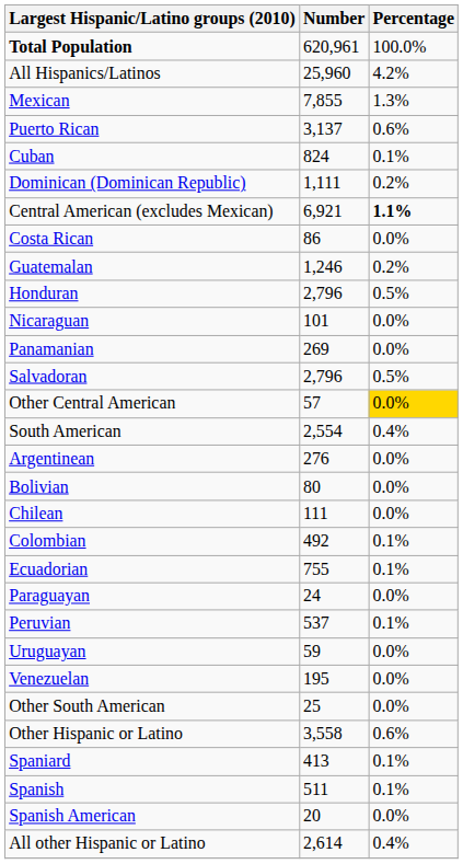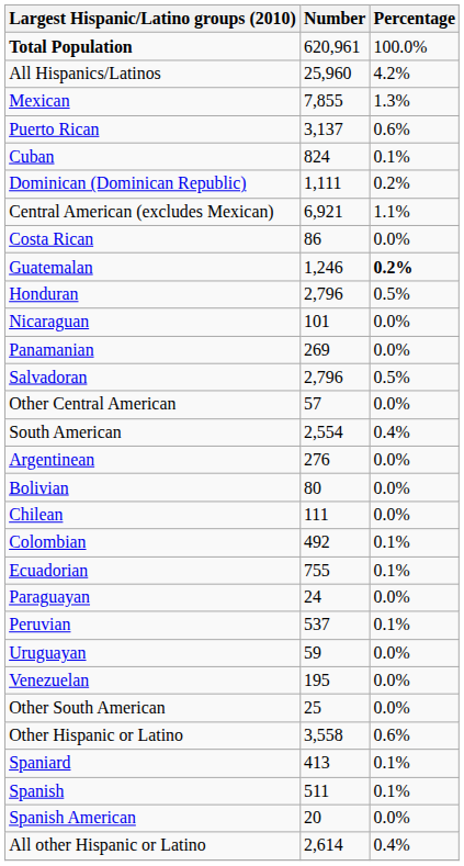 <table class="wikitable sortable">
 <tr>
 <th>Largest Hispanic/Latino groups (2010)</th>
 <th>Number</th>
 <th>Percentage</th>
 </tr>
 <tr>
 <td><strong>Total Population</strong></td>
 <td>620,961</td>
 <td>100.0%</td>
 </tr>
 <tr>
 <td>All Hispanics/Latinos</td>
 <td>25,960</td>
 <td>4.2%</td>
 </tr>
 <tr>
 <td> <a href='#'>Mexican</a></td>
 <td>7,855</td>
 <td>1.3%</td>
 </tr>
 <tr>
 <td> <a href='#'>Puerto Rican</a></td>
 <td>3,137</td>
 <td>0.6%</td>
 </tr>
 <tr>
 <td> <a href='#'>Cuban</a></td>
 <td>824</td>
 <td>0.1%</td>
 </tr>
 <tr>
 <td> <a href='#'>Dominican (Dominican Republic)</a></td>
 <td>1,111</td>
 <td>0.2%</td>
 </tr>
 <tr>
 <td>Central American (excludes Mexican)</td>
 <td>6,921</td>
-<td><strong>1.1%</strong></td>
+<td>1.1%</td>
 </tr>
 <tr>
 <td> <a href='#'>Costa Rican</a></td>
 <td>86</td>
 <td>0.0%</td>
 </tr>
 <tr>
 <td> <a href='#'>Guatemalan</a></td>
 <td>1,246</td>
-<td>0.2%</td>
+<td><strong>0.2%</strong></td>
 </tr>
 <tr>
 <td> <a href='#'>Honduran</a></td>
 <td>2,796</td>
 <td>0.5%</td>
 </tr>
 <tr>
 <td> <a href='#'>Nicaraguan</a></td>
 <td>101</td>
 <td>0.0%</td>
 </tr>
 <tr>
 <td> <a href='#'>Panamanian</a></td>
 <td>269</td>
 <td>0.0%</td>
 </tr>
 <tr>
 <td> <a href='#'>Salvadoran</a></td>
 <td>2,796</td>
 <td>0.5%</td>
 </tr>
 <tr>
 <td>Other Central American</td>
 <td>57</td>
-<td style="background: gold;">0.0%</td>
+<td>0.0%</td>
 </tr>
 <tr>
 <td>South American</td>
 <td>2,554</td>
 <td>0.4%</td>
 </tr>
 <tr>
 <td> <a href='#'>Argentinean</a></td>
 <td>276</td>
 <td>0.0%</td>
 </tr>
 <tr>
 <td> <a href='#'>Bolivian</a></td>
 <td>80</td>
 <td>0.0%</td>
 </tr>
 <tr>
 <td> <a href='#'>Chilean</a></td>
 <td>111</td>
 <td>0.0%</td>
 </tr>
 <tr>
 <td> <a href='#'>Colombian</a></td>
 <td>492</td>
 <td>0.1%</td>
 </tr>
 <tr>
 <td> <a href='#'>Ecuadorian</a></td>
 <td>755</td>
 <td>0.1%</td>
 </tr>
 <tr>
 <td> <a href='#'>Paraguayan</a></td>
 <td>24</td>
 <td>0.0%</td>
 </tr>
 <tr>
 <td> <a href='#'>Peruvian</a></td>
 <td>537</td>
 <td>0.1%</td>
 </tr>
 <tr>
 <td> <a href='#'>Uruguayan</a></td>
 <td>59</td>
 <td>0.0%</td>
 </tr>
 <tr>
 <td> <a href='#'>Venezuelan</a></td>
 <td>195</td>
 <td>0.0%</td>
 </tr>
 <tr>
 <td>Other South American</td>
 <td>25</td>
 <td>0.0%</td>
 </tr>
 <tr>
 <td>Other Hispanic or Latino</td>
 <td>3,558</td>
 <td>0.6%</td>
 </tr>
 <tr>
 <td> <a href='#'>Spaniard</a></td>
 <td>413</td>
 <td>0.1%</td>
 </tr>
 <tr>
 <td> <a href='#'>Spanish</a></td>
 <td>511</td>
 <td>0.1%</td>
 </tr>
 <tr>
 <td> <a href='#'>Spanish American</a></td>
 <td>20</td>
 <td>0.0%</td>
 </tr>
 <tr>
 <td>All other Hispanic or Latino</td>
 <td>2,614</td>
 <td>0.4%</td>
 </tr>
 <tr>
 </tr>
 </table>
